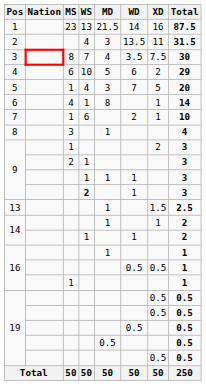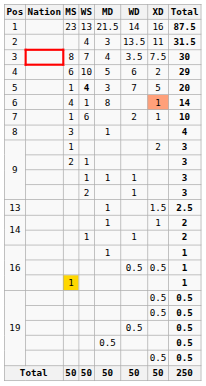 <table class="wikitable" style="text-align:center">
 <tr>
 <th>Pos</th>
 <th>Nation</th>
 <th>MS</th>
 <th>WS</th>
 <th>MD</th>
 <th>WD</th>
 <th>XD</th>
 <th>Total</th>
 </tr>
 <tr>
 <td>1</td>
 <td align=left></td>
 <td>23</td>
 <td>13</td>
 <td>21.5</td>
 <td>14</td>
 <td>16</td>
 <td><strong>87.5</strong></td>
 </tr>
 <tr>
 <td>2</td>
 <td align=left></td>
 <td></td>
 <td>4</td>
 <td>3</td>
 <td>13.5</td>
 <td>11</td>
 <td><strong>31.5</strong></td>
 </tr>
 <tr>
 <td>3</td>
 <td align="left" style="border: 3px solid red"><strong></strong></td>
 <td>8</td>
 <td>7</td>
 <td>4</td>
 <td>3.5</td>
 <td>7.5</td>
 <td><strong>30</strong></td>
 </tr>
 <tr>
 <td>4</td>
 <td align=left></td>
 <td>6</td>
 <td>10</td>
 <td>5</td>
 <td>6</td>
 <td>2</td>
 <td><strong>29</strong></td>
 </tr>
 <tr>
 <td>5</td>
 <td align=left></td>
 <td>1</td>
-<td>4</td>
+<td><strong>4</strong></td>
 <td>3</td>
 <td>7</td>
 <td>5</td>
 <td><strong>20</strong></td>
 </tr>
 <tr>
 <td>6</td>
 <td align=left></td>
 <td>4</td>
 <td>1</td>
 <td>8</td>
 <td></td>
-<td>1</td>
+<td style="background: lightsalmon;">1</td>
 <td><strong>14</strong></td>
 </tr>
 <tr>
 <td>7</td>
 <td align=left></td>
 <td>1</td>
 <td>6</td>
 <td></td>
 <td>2</td>
 <td>1</td>
 <td><strong>10</strong></td>
 </tr>
 <tr>
 <td>8</td>
 <td align=left></td>
 <td>3</td>
 <td></td>
 <td>1</td>
 <td></td>
 <td></td>
 <td><strong>4</strong></td>
 </tr>
 <tr>
 <td rowspan="4">9</td>
 <td align=left></td>
 <td>1</td>
 <td></td>
 <td></td>
 <td></td>
 <td>2</td>
 <td><strong>3</strong></td>
 </tr>
 <tr>
 <td align=left></td>
 <td>2</td>
 <td>1</td>
 <td></td>
 <td></td>
 <td></td>
 <td><strong>3</strong></td>
 </tr>
 <tr>
 <td align=left></td>
 <td></td>
 <td>1</td>
 <td>1</td>
 <td>1</td>
 <td></td>
 <td><strong>3</strong></td>
 </tr>
 <tr>
 <td align=left></td>
 <td></td>
-<td><strong>2</strong></td>
+<td>2</td>
 <td></td>
 <td>1</td>
 <td></td>
 <td><strong>3</strong></td>
 </tr>
 <tr>
 <td>13</td>
 <td align=left></td>
 <td></td>
 <td></td>
 <td>1</td>
 <td></td>
 <td>1.5</td>
 <td><strong>2.5</strong></td>
 </tr>
 <tr>
 <td rowspan="2">14</td>
 <td align=left></td>
 <td></td>
 <td></td>
 <td>1</td>
 <td></td>
 <td>1</td>
 <td><strong>2</strong></td>
 </tr>
 <tr>
 <td align=left></td>
 <td></td>
 <td>1</td>
 <td></td>
 <td>1</td>
 <td></td>
 <td><strong>2</strong></td>
 </tr>
 <tr>
 <td rowspan="3">16</td>
 <td align=left></td>
 <td></td>
 <td></td>
 <td>1</td>
 <td></td>
 <td></td>
 <td><strong>1</strong></td>
 </tr>
 <tr>
 <td align=left></td>
 <td></td>
 <td></td>
 <td></td>
 <td>0.5</td>
 <td>0.5</td>
 <td><strong>1</strong></td>
 </tr>
 <tr>
 <td align=left></td>
-<td>1</td>
+<td style="background: gold;">1</td>
 <td></td>
 <td></td>
 <td></td>
 <td></td>
 <td><strong>1</strong></td>
 </tr>
 <tr>
 <td rowspan="5">19</td>
 <td align=left></td>
 <td></td>
 <td></td>
 <td></td>
 <td></td>
 <td>0.5</td>
 <td><strong>0.5</strong></td>
 </tr>
 <tr>
 <td align=left></td>
 <td></td>
 <td></td>
 <td></td>
 <td></td>
 <td>0.5</td>
 <td><strong>0.5</strong></td>
 </tr>
 <tr>
 <td align=left></td>
 <td></td>
 <td></td>
 <td></td>
 <td>0.5</td>
 <td></td>
 <td><strong>0.5</strong></td>
 </tr>
 <tr>
 <td align=left></td>
 <td></td>
 <td></td>
 <td>0.5</td>
 <td></td>
 <td></td>
 <td><strong>0.5</strong></td>
 </tr>
 <tr>
 <td align=left></td>
 <td></td>
 <td></td>
 <td></td>
 <td></td>
 <td>0.5</td>
 <td><strong>0.5</strong></td>
 </tr>
 <tr>
 <th colspan=2>Total</th>
 <th>50</th>
 <th>50</th>
 <th>50</th>
 <th>50</th>
 <th>50</th>
 <th><strong>250</strong></th>
 </tr>
 </table>
